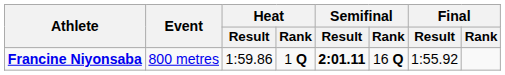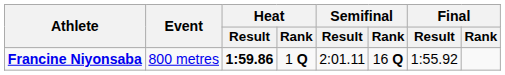 <table class="wikitable" style="font-size:90%">
 <tr>
 <th rowspan="2">Athlete</th>
 <th rowspan="2">Event</th>
 <th colspan="2">Heat</th>
 <th colspan="2">Semifinal</th>
 <th colspan="2">Final</th>
 </tr>
 <tr style="font-size:95%">
 <th>Result</th>
 <th>Rank</th>
 <th>Result</th>
 <th>Rank</th>
 <th>Result</th>
 <th>Rank</th>
 </tr>
 <tr style=text-align:center>
 <td style=text-align:left><strong><a href='#'>Francine Niyonsaba</a></strong></td>
 <td style=text-align:left><a href='#'>800 metres</a></td>
-<td>1:59.86</td>
+<td><strong>1:59.86</strong></td>
 <td>1 <strong>Q</strong></td>
-<td><strong>2:01.11</strong></td>
+<td>2:01.11</td>
 <td>16 <strong>Q</strong></td>
 <td>1:55.92</td>
 <td></td>
 </tr>
 </table>
